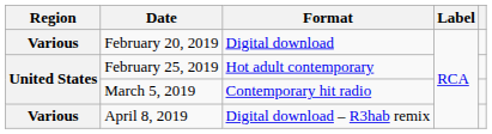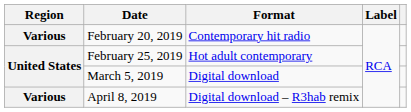 <table class="wikitable plainrowheaders">
 <tr>
 <th>Region</th>
 <th>Date</th>
 <th>Format</th>
 <th>Label</th>
 <th></th>
 </tr>
 <tr>
 <th scope="row">Various</th>
 <td>February 20, 2019</td>
-<td><a href='#'>Digital download</a></td>
+<td><a href='#'>Contemporary hit radio</a></td>
 <td rowspan="4"><a href='#'>RCA</a></td>
 <td></td>
 </tr>
 <tr>
 <th scope="row" rowspan="2">United States</th>
 <td>February 25, 2019</td>
 <td><a href='#'>Hot adult contemporary</a></td>
 <td></td>
 </tr>
 <tr>
 <td>March 5, 2019</td>
-<td><a href='#'>Contemporary hit radio</a></td>
+<td><a href='#'>Digital download</a></td>
 <td></td>
 </tr>
 <tr>
 <th scope="row">Various</th>
 <td>April 8, 2019</td>
 <td><a href='#'>Digital download</a> – <a href='#'>R3hab</a> remix</td>
 <td></td>
 </tr>
 </table>
